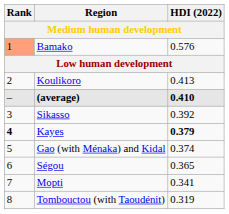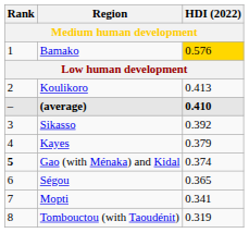 <table class="wikitable sortable">
 <tr>
 <th>Rank</th>
 <th>Region</th>
 <th>HDI (2022)</th>
 </tr>
 <tr>
 <th colspan="3" style="color:#fc0;">Medium human development</th>
 </tr>
 <tr>
-<td style="background: lightsalmon;">1</td>
+<td>1</td>
 <td><a href='#'>Bamako</a></td>
-<td>0.576</td>
+<td style="background: gold;">0.576</td>
 </tr>
 <tr>
 <th colspan="3" style="color:#900;">Low human development</th>
 </tr>
 <tr>
 <td>2</td>
 <td><a href='#'>Koulikoro</a></td>
 <td>0.413</td>
 </tr>
 <tr style="background:#e6e6e6">
 <td>–</td>
 <td><strong> (average)</strong></td>
 <td><strong>0.410</strong></td>
 </tr>
 <tr>
 <td>3</td>
 <td><a href='#'>Sikasso</a></td>
 <td>0.392</td>
 </tr>
 <tr>
-<td><strong>4</strong></td>
+<td>4</td>
 <td><a href='#'>Kayes</a></td>
-<td><strong>0.379</strong></td>
+<td>0.379</td>
 </tr>
 <tr>
-<td>5</td>
+<td><strong>5</strong></td>
 <td><a href='#'>Gao</a> (with <a href='#'>Ménaka</a>) and <a href='#'>Kidal</a></td>
 <td>0.374</td>
 </tr>
 <tr>
 <td>6</td>
 <td><a href='#'>Ségou</a></td>
 <td>0.365</td>
 </tr>
 <tr>
 <td>7</td>
 <td><a href='#'>Mopti</a></td>
 <td>0.341</td>
 </tr>
 <tr>
 <td>8</td>
 <td><a href='#'>Tombouctou</a> (with <a href='#'>Taoudénit</a>)</td>
 <td>0.319</td>
 </tr>
 </table>
